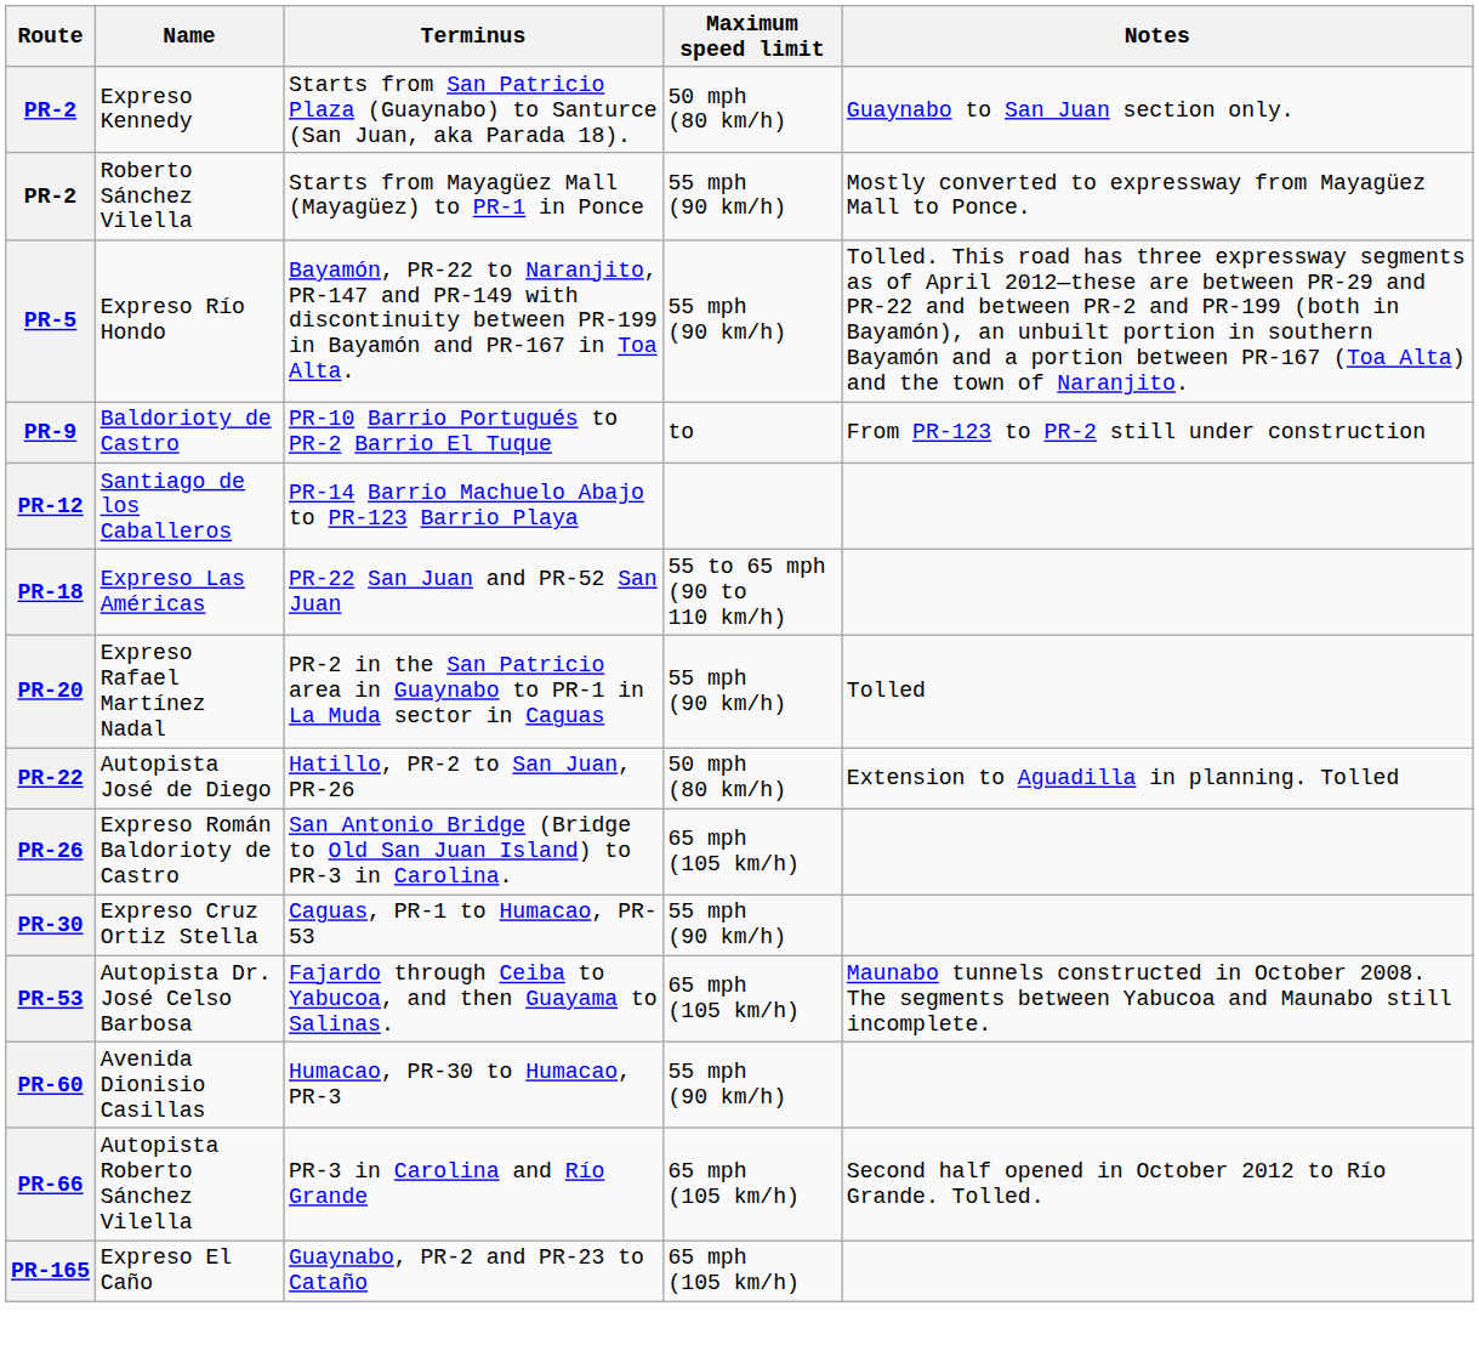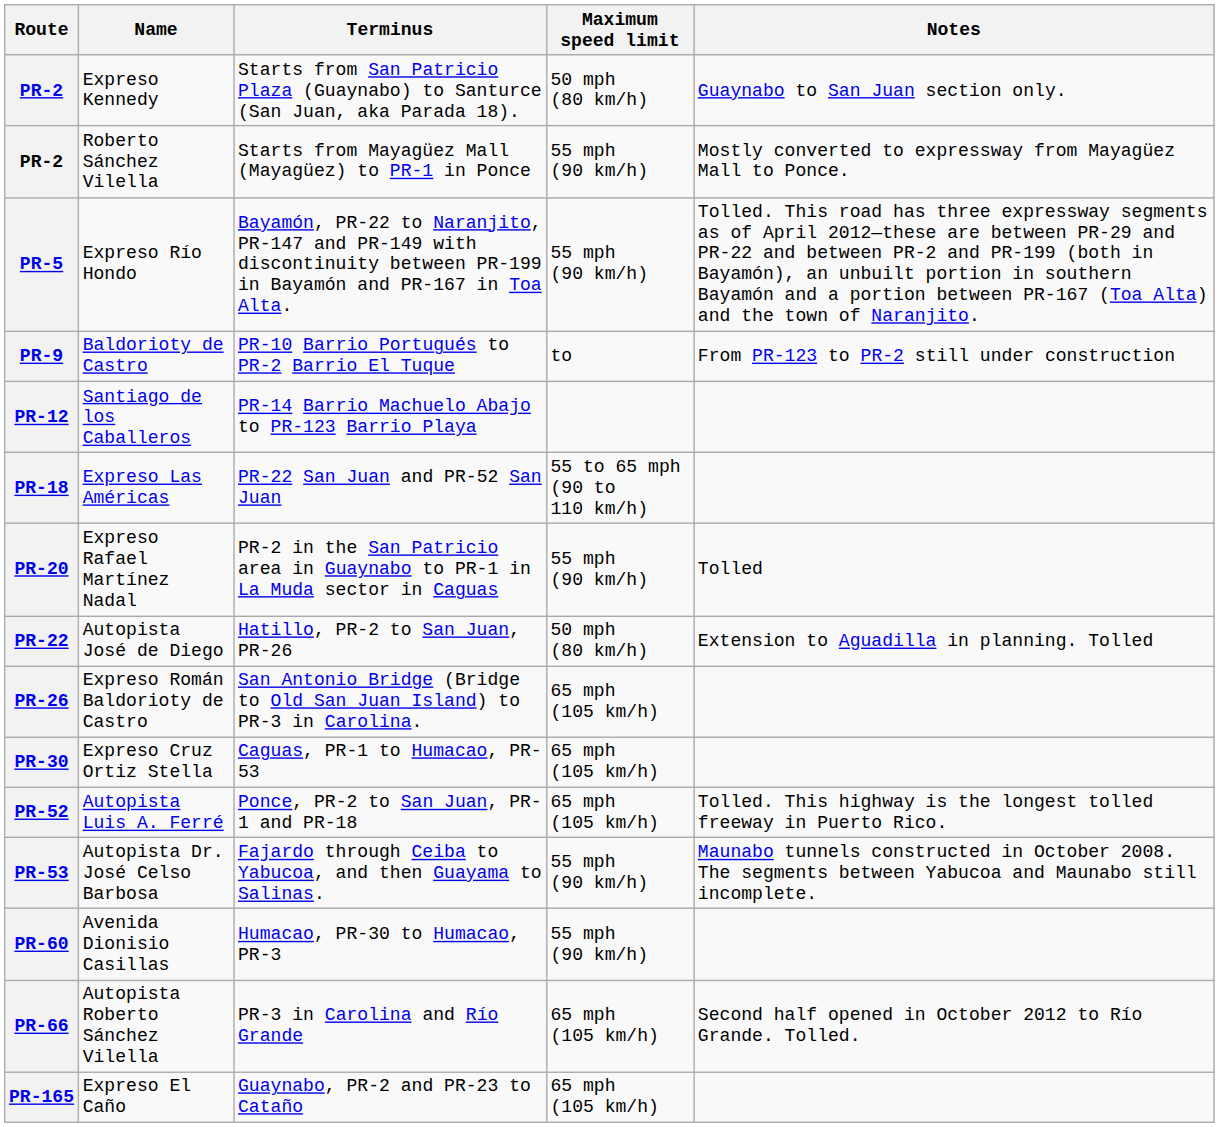 <table class="wikitable">
 <tr style="background: #efefef;">
 <th scope="col">Route</th>
 <th scope="col">Name</th>
 <th scope="col">Terminus</th>
 <th scope="col">Maximum speed limit</th>
 <th scope="col">Notes</th>
 </tr>
 <tr>
 <th scope="row" style="white-space: nowrap;"><a href='#'>PR-2</a></th>
 <td>Expreso Kennedy</td>
 <td>Starts from <a href='#'>San Patricio Plaza</a> (Guaynabo) to Santurce (San Juan, aka Parada 18).</td>
 <td>50 mph (80 km/h)</td>
 <td><a href='#'>Guaynabo</a> to <a href='#'>San Juan</a> section only.</td>
 </tr>
 <tr>
 <th scope="row" style="white-space: nowrap;">PR-2</th>
 <td>Roberto Sánchez Vilella</td>
 <td>Starts from Mayagüez Mall (Mayagüez) to <a href='#'>PR-1</a> in Ponce</td>
 <td>55 mph (90 km/h)</td>
 <td>Mostly converted to expressway from Mayagüez Mall to Ponce.</td>
 </tr>
 <tr>
 <th scope="row" style="white-space: nowrap;"><a href='#'>PR-5</a></th>
 <td>Expreso Río Hondo</td>
 <td><a href='#'>Bayamón</a>, PR-22 to <a href='#'>Naranjito</a>, PR-147 and PR-149 with discontinuity between PR-199 in Bayamón and PR-167 in <a href='#'>Toa Alta</a>.</td>
 <td>55 mph (90 km/h)</td>
 <td>Tolled. This road has three expressway segments as of April 2012—these are between PR-29 and PR-22 and between PR-2 and PR-199 (both in Bayamón), an unbuilt portion in southern Bayamón and a portion between PR-167 (<a href='#'>Toa Alta</a>) and the town of <a href='#'>Naranjito</a>.</td>
 </tr>
 <tr>
 <th scope="row" style="white-space: nowrap;"><a href='#'>PR-9</a></th>
 <td><a href='#'>Baldorioty de Castro</a></td>
 <td><a href='#'>PR-10</a> <a href='#'>Barrio Portugués</a> to <a href='#'>PR-2</a> <a href='#'>Barrio El Tuque</a></td>
 <td> to </td>
 <td>From <a href='#'>PR-123</a> to <a href='#'>PR-2</a> still under construction</td>
 </tr>
 <tr>
 <th scope="row" style="white-space: nowrap;"><a href='#'>PR-12</a></th>
 <td><a href='#'>Santiago de los Caballeros</a></td>
 <td><a href='#'>PR-14</a> <a href='#'>Barrio Machuelo Abajo</a> to <a href='#'>PR-123</a> <a href='#'>Barrio Playa</a></td>
 <td></td>
 <td></td>
 </tr>
 <tr>
 <th scope="row" style="white-space: nowrap;"><a href='#'>PR-18</a></th>
 <td><a href='#'>Expreso Las Américas</a></td>
 <td><a href='#'>PR-22</a> <a href='#'>San Juan</a> and PR-52 <a href='#'>San Juan</a></td>
 <td>55 to 65 mph (90 to 110 km/h)</td>
 <td></td>
 </tr>
 <tr>
 <th scope="row" style="white-space: nowrap;"><a href='#'>PR-20</a></th>
 <td>Expreso Rafael Martínez Nadal</td>
 <td>PR-2 in the <a href='#'>San Patricio</a> area in <a href='#'>Guaynabo</a> to PR-1 in <a href='#'>La Muda</a> sector in <a href='#'>Caguas</a></td>
 <td>55 mph (90 km/h)</td>
 <td>Tolled</td>
 </tr>
 <tr>
 <th scope="row" style="white-space: nowrap;"><a href='#'>PR-22</a></th>
 <td>Autopista José de Diego</td>
 <td><a href='#'>Hatillo</a>, PR-2 to <a href='#'>San Juan</a>, PR-26</td>
 <td>50 mph (80 km/h)</td>
 <td>Extension to <a href='#'>Aguadilla</a> in planning. Tolled</td>
 </tr>
 <tr>
 <th scope="row" style="white-space: nowrap;"><a href='#'>PR-26</a></th>
 <td>Expreso Román Baldorioty de Castro</td>
 <td><a href='#'>San Antonio Bridge</a> (Bridge to <a href='#'>Old San Juan Island</a>) to PR-3 in <a href='#'>Carolina</a>.</td>
 <td>65 mph (105 km/h)</td>
 <td></td>
 </tr>
 <tr>
 <th scope="row" style="white-space: nowsrap;"><a href='#'>PR-30</a></th>
 <td>Expreso Cruz Ortiz Stella</td>
 <td><a href='#'>Caguas</a>, PR-1 to <a href='#'>Humacao</a>, PR-53</td>
-<td>55 mph (90 km/h)</td>
+<td>65 mph (105 km/h)</td>
 <td></td>
+</tr>
+<tr>
+<th scope="row" style="white-space: nowrap;"><a href='#'>PR-52</a></th>
+<td><a href='#'>Autopista Luis A. Ferré</a></td>
+<td><a href='#'>Ponce</a>, PR-2 to <a href='#'>San Juan</a>, PR-1 and PR-18</td>
+<td>65 mph (105 km/h)</td>
+<td>Tolled. This highway is the longest tolled freeway in Puerto Rico.</td>
 </tr>
 <tr>
 <th scope="row" style="white-space: nowrap;"><a href='#'>PR-53</a></th>
 <td>Autopista Dr. José Celso Barbosa</td>
 <td><a href='#'>Fajardo</a> through <a href='#'>Ceiba</a> to <a href='#'>Yabucoa</a>, and then <a href='#'>Guayama</a> to <a href='#'>Salinas</a>.</td>
-<td>65 mph (105 km/h)</td>
+<td>55 mph (90 km/h)</td>
 <td><a href='#'>Maunabo</a> tunnels constructed in October 2008. The segments between Yabucoa and Maunabo still incomplete.</td>
 </tr>
 <tr>
 <th scope="row" style="white-space: nowrap;"><a href='#'>PR-60</a></th>
 <td>Avenida Dionisio Casillas</td>
 <td><a href='#'>Humacao</a>, PR-30 to <a href='#'>Humacao</a>, PR-3</td>
 <td>55 mph (90 km/h)</td>
 <td></td>
 </tr>
 <tr>
 <th scope="row" style="white-space: nowrap;"><a href='#'>PR-66</a></th>
 <td>Autopista Roberto Sánchez Vilella</td>
 <td>PR-3 in <a href='#'>Carolina</a> and <a href='#'>Río Grande</a></td>
 <td>65 mph (105 km/h)</td>
 <td>Second half opened in October 2012 to Río Grande. Tolled.</td>
 </tr>
 <tr>
 <th scope="row" style="white-space: nowrap;"><a href='#'>PR-165</a></th>
 <td>Expreso El Caño</td>
 <td><a href='#'>Guaynabo</a>, PR-2 and PR-23 to <a href='#'>Cataño</a></td>
 <td>65 mph (105 km/h)</td>
 <td></td>
 </tr>
 </table>
